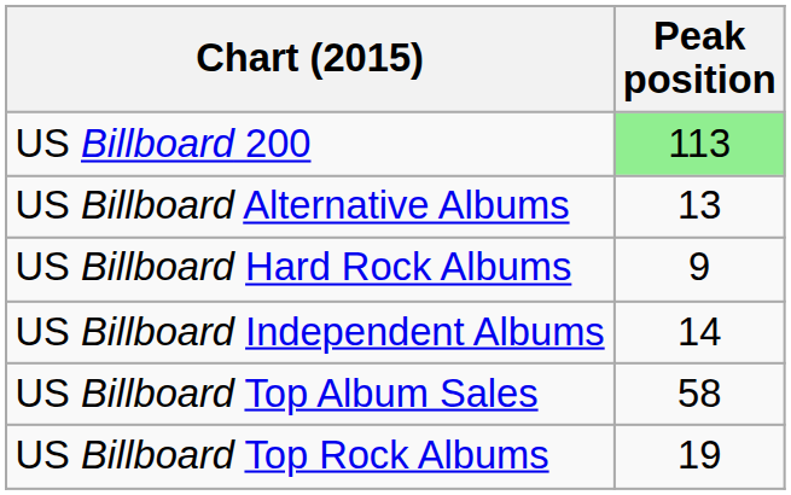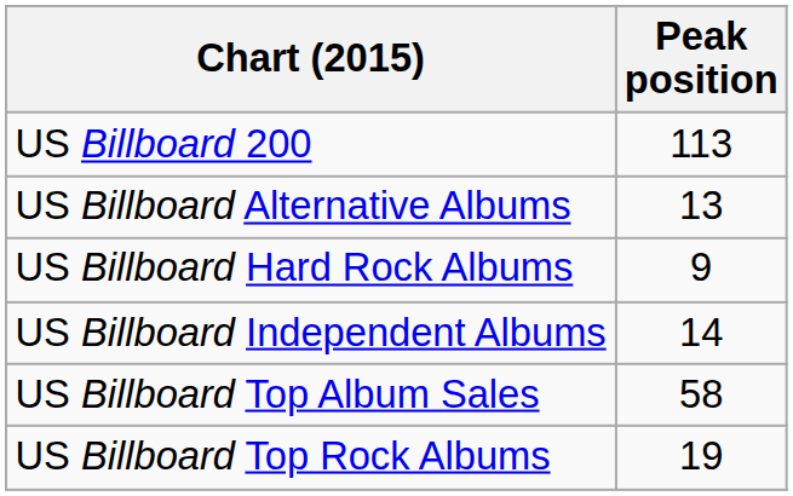 <table class="wikitable sortable">
 <tr>
 <th>Chart (2015)</th>
 <th>Peak<br>position</th>
 </tr>
 <tr>
 <td>US <a href='#'><em>Billboard</em> 200</a></td>
-<td style="background: lightgreen; text-align:center;">113</td>
+<td style="text-align:center;">113</td>
 </tr>
 <tr>
 <td>US <em>Billboard</em> <a href='#'>Alternative Albums</a></td>
 <td style="text-align:center;">13</td>
 </tr>
 <tr>
 <td>US <em>Billboard</em> <a href='#'>Hard Rock Albums</a></td>
 <td style="text-align:center;">9</td>
 </tr>
 <tr>
 <td>US <em>Billboard</em> <a href='#'>Independent Albums</a></td>
 <td style="text-align:center;">14</td>
 </tr>
 <tr>
 <td>US <em>Billboard</em> <a href='#'>Top Album Sales</a></td>
 <td style="text-align:center;">58</td>
 </tr>
 <tr>
 <td>US <em>Billboard</em> <a href='#'>Top Rock Albums</a></td>
 <td style="text-align:center;">19</td>
 </tr>
 </table>
